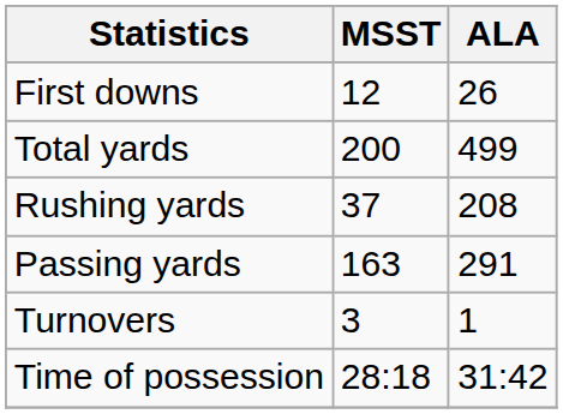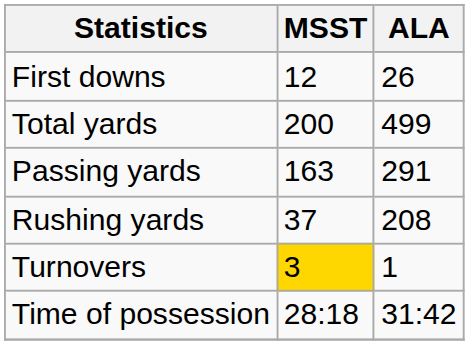 <table class="wikitable">
 <tr>
 <th>Statistics</th>
 <th>MSST</th>
 <th>ALA</th>
 </tr>
 <tr>
 <td>First downs</td>
 <td>12</td>
 <td>26</td>
 </tr>
 <tr>
 <td>Total yards</td>
 <td>200</td>
 <td>499</td>
 </tr>
 <tr>
+<td>Passing yards</td>
+<td>163</td>
+<td>291</td>
+</tr>
+<tr>
 <td>Rushing yards</td>
 <td>37</td>
 <td>208</td>
 </tr>
 <tr>
-<td>Passing yards</td>
-<td>163</td>
-<td>291</td>
-</tr>
-<tr>
 <td>Turnovers</td>
-<td>3</td>
+<td style="background: gold;">3</td>
 <td>1</td>
 </tr>
 <tr>
 <td>Time of possession</td>
 <td>28:18</td>
 <td>31:42</td>
 </tr>
 <tr>
 </tr>
 </table>
